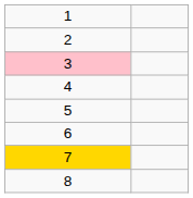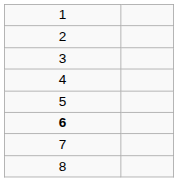 <table class="wikitable" style="width:200px;">
 <tr>
 <td align=center>1</td>
 <td></td>
 </tr>
 <tr>
 <td align=center>2</td>
 <td></td>
 </tr>
 <tr>
-<td align=center style="background: pink;">3</td>
+<td align=center>3</td>
 <td></td>
 </tr>
 <tr>
 <td align=center>4</td>
 <td></td>
 </tr>
 <tr>
 <td align=center>5</td>
 <td></td>
 </tr>
 <tr>
-<td align=center>6</td>
+<td align=center><strong>6</strong></td>
 <td></td>
 </tr>
 <tr>
-<td align=center style="background: gold;">7</td>
+<td align=center>7</td>
 <td></td>
 </tr>
 <tr>
 <td align=center>8</td>
 <td></td>
 </tr>
 </table>
